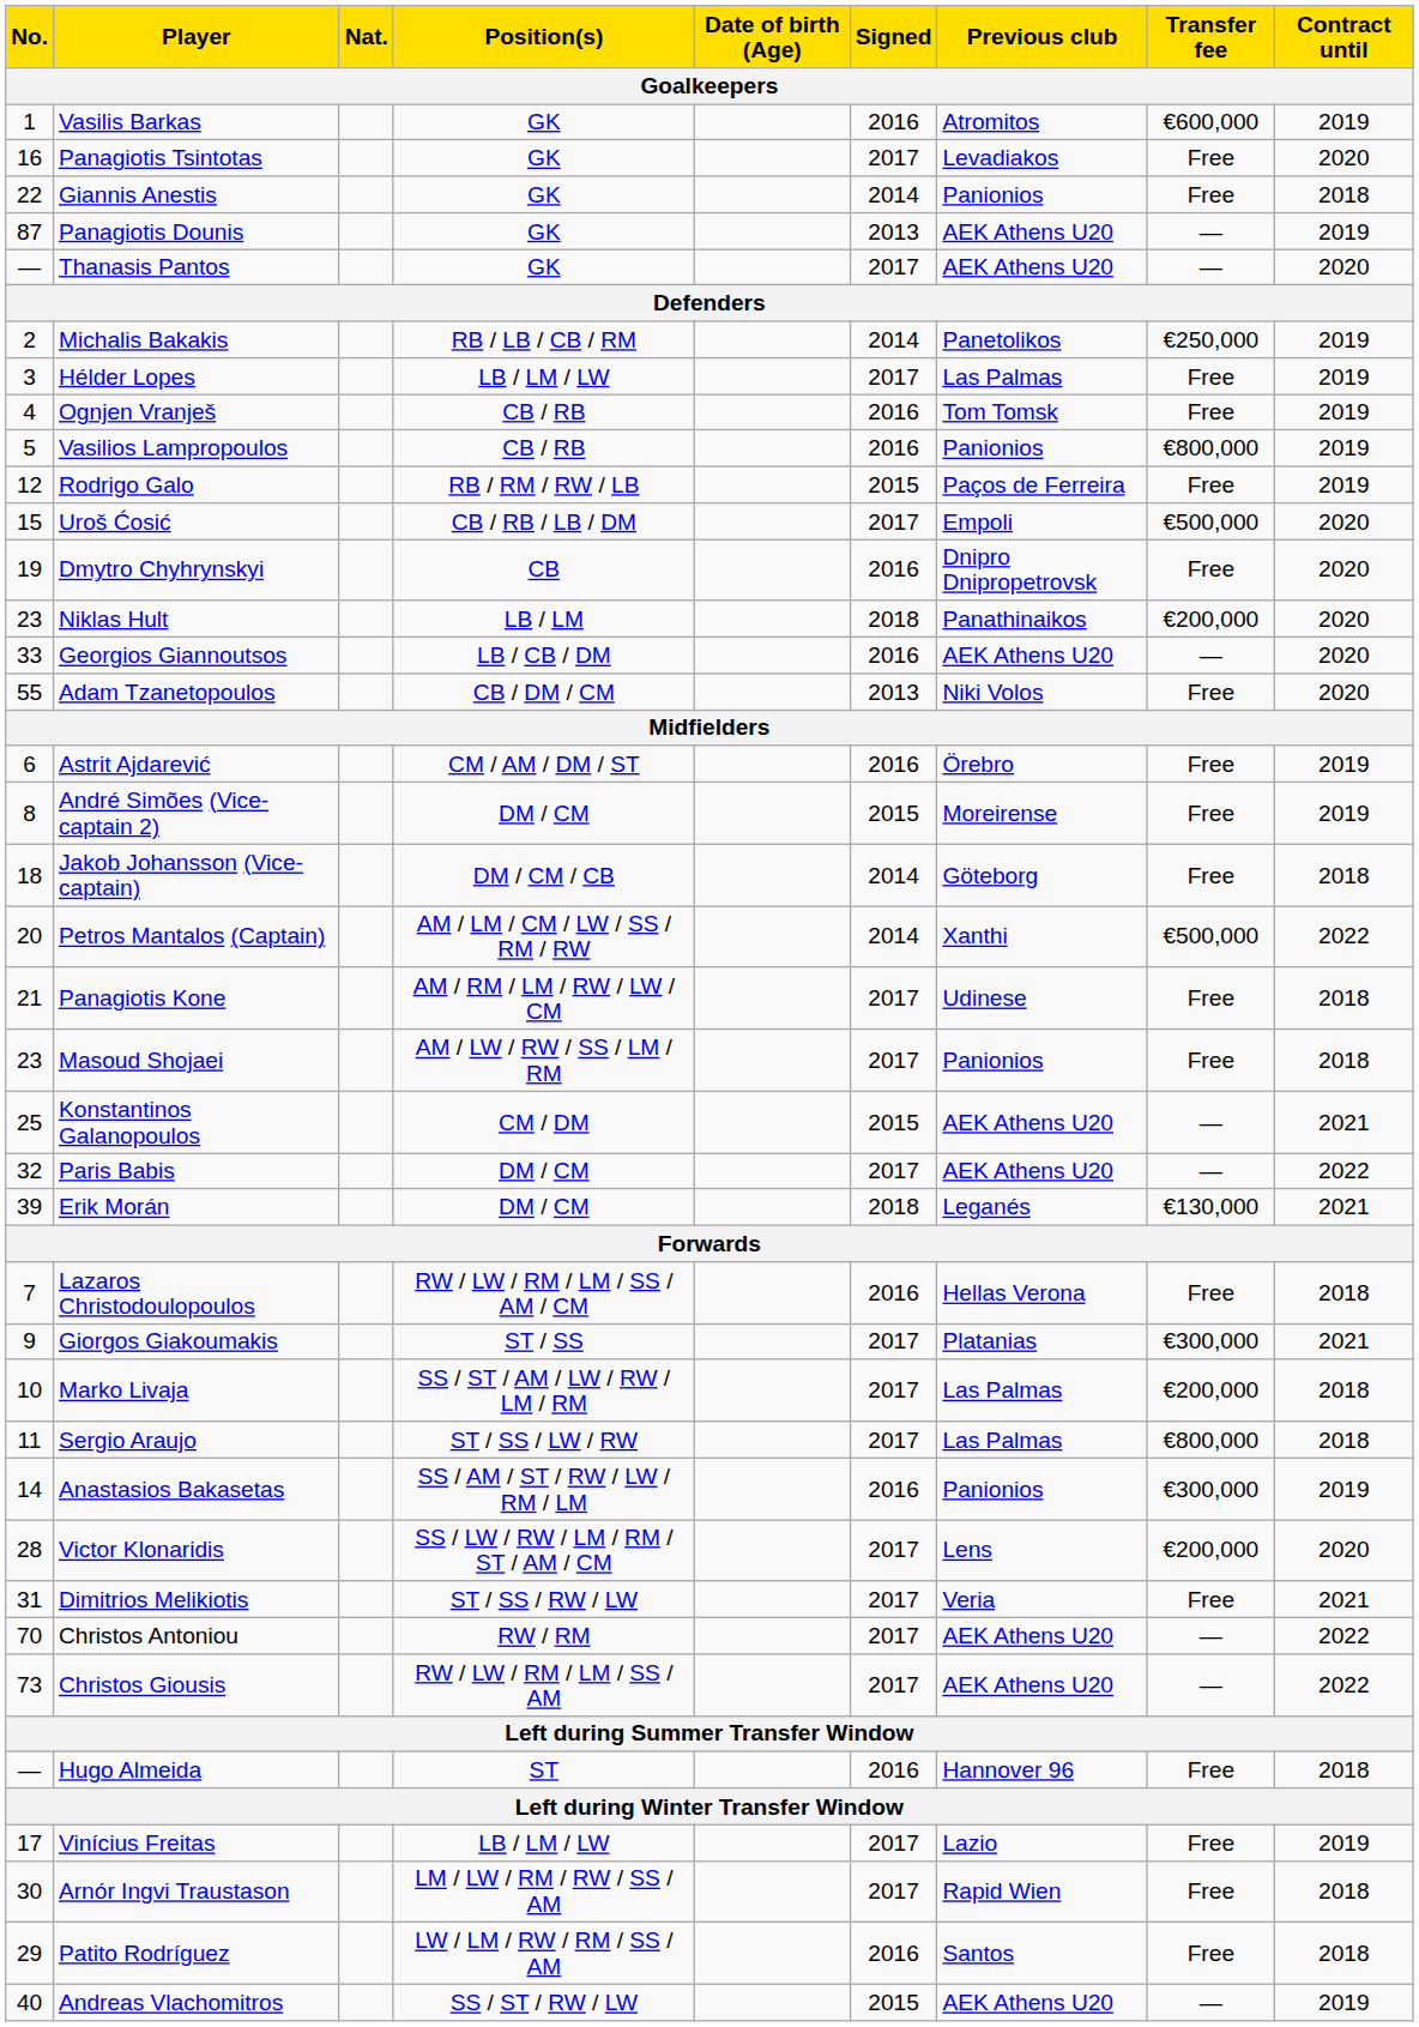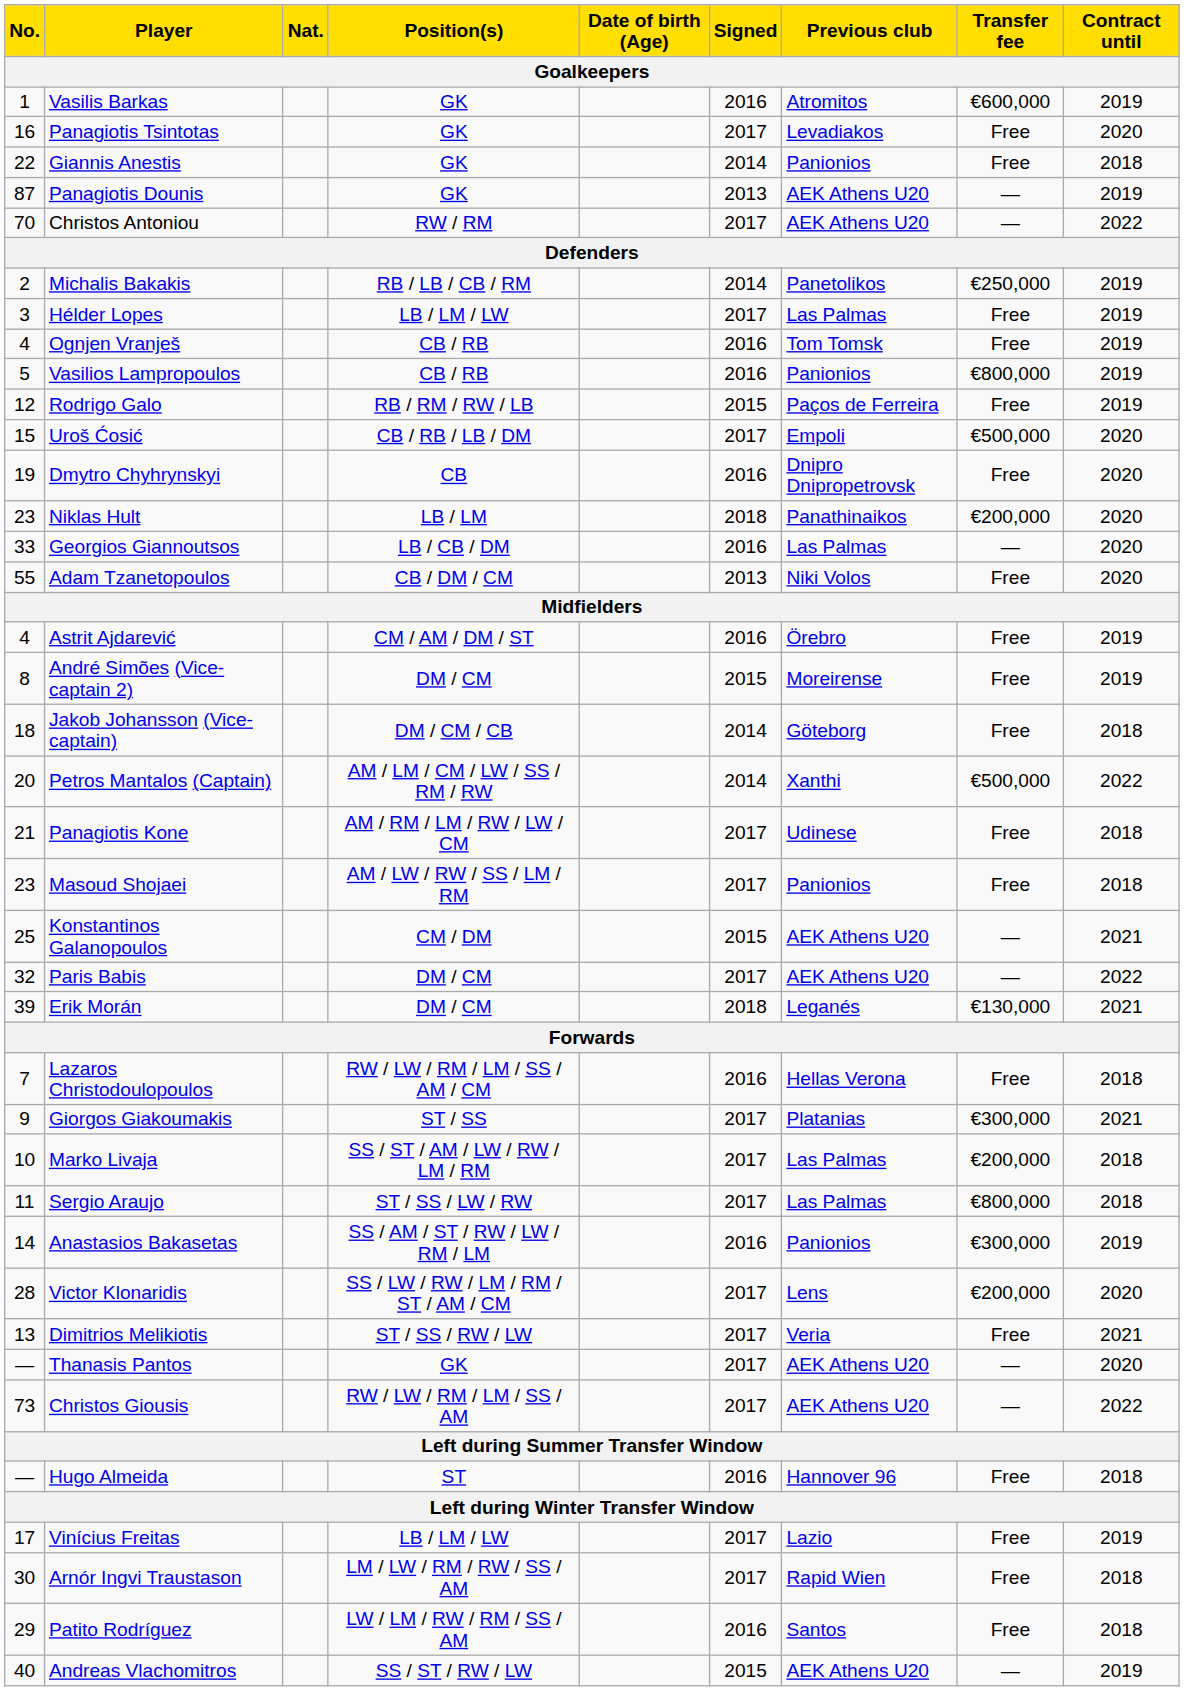 <table class="wikitable" style="text-align:center; font-size:90%; width:100%">
 <tr>
 <th style="background:#FFDE00">No.</th>
 <th style="background:#FFDE00">Player</th>
 <th style="background:#FFDE00">Nat.</th>
 <th style="background:#FFDE00">Position(s)</th>
 <th style="background:#FFDE00">Date of birth (Age)</th>
 <th style="background:#FFDE00">Signed</th>
 <th style="background:#FFDE00">Previous club</th>
 <th style="background:#FFDE00">Transfer fee</th>
 <th style="background:#FFDE00">Contract until</th>
 </tr>
 <tr>
 <th colspan="9">Goalkeepers</th>
 </tr>
 <tr>
 <td>1</td>
 <td align=left><a href='#'>Vasilis Barkas</a></td>
 <td></td>
 <td><a href='#'>GK</a></td>
 <td></td>
 <td>2016</td>
 <td align=left> <a href='#'>Atromitos</a></td>
 <td>€600,000</td>
 <td>2019</td>
 </tr>
 <tr>
 <td>16</td>
 <td align=left><a href='#'>Panagiotis Tsintotas</a></td>
 <td></td>
 <td><a href='#'>GK</a></td>
 <td></td>
 <td>2017</td>
 <td align=left> <a href='#'>Levadiakos</a></td>
 <td>Free</td>
 <td>2020</td>
 </tr>
 <tr>
 <td>22</td>
 <td align=left><a href='#'>Giannis Anestis</a></td>
 <td></td>
 <td><a href='#'>GK</a></td>
 <td></td>
 <td>2014</td>
 <td align=left> <a href='#'>Panionios</a></td>
 <td>Free</td>
 <td>2018</td>
 </tr>
 <tr>
 <td>87</td>
 <td align=left><a href='#'>Panagiotis Dounis</a></td>
 <td></td>
 <td><a href='#'>GK</a></td>
 <td></td>
 <td>2013</td>
 <td align=left> <a href='#'>AEK Athens U20</a></td>
 <td>—</td>
 <td>2019</td>
 </tr>
 <tr>
-<td>—</td>
-<td align=left><a href='#'>Thanasis Pantos</a></td>
+<td>70</td>
+<td align=left>Christos Antoniou</td>
 <td></td>
-<td><a href='#'>GK</a></td>
+<td><a href='#'>RW</a> / <a href='#'>RM</a></td>
 <td></td>
 <td>2017</td>
 <td align=left> <a href='#'>AEK Athens U20</a></td>
 <td>—</td>
-<td>2020</td>
+<td>2022</td>
 </tr>
 <tr>
 <th colspan="9">Defenders</th>
 </tr>
 <tr>
 <td>2</td>
 <td align=left><a href='#'>Michalis Bakakis</a></td>
 <td></td>
 <td><a href='#'>RB</a> / <a href='#'>LB</a> / <a href='#'>CB</a> / <a href='#'>RM</a></td>
 <td></td>
 <td>2014</td>
 <td align=left> <a href='#'>Panetolikos</a></td>
 <td>€250,000</td>
 <td>2019</td>
 </tr>
 <tr>
 <td>3</td>
 <td align=left><a href='#'>Hélder Lopes</a></td>
 <td></td>
 <td><a href='#'>LB</a> / <a href='#'>LM</a> / <a href='#'>LW</a></td>
 <td></td>
 <td>2017</td>
 <td align=left> <a href='#'>Las Palmas</a></td>
 <td>Free</td>
 <td>2019</td>
 </tr>
 <tr>
 <td>4</td>
 <td align=left><a href='#'>Ognjen Vranješ</a></td>
 <td></td>
 <td><a href='#'>CB</a> / <a href='#'>RB</a></td>
 <td></td>
 <td>2016</td>
 <td align=left> <a href='#'>Tom Tomsk</a></td>
 <td>Free</td>
 <td>2019</td>
 </tr>
 <tr>
 <td>5</td>
 <td align=left><a href='#'>Vasilios Lampropoulos</a></td>
 <td></td>
 <td><a href='#'>CB</a> / <a href='#'>RB</a></td>
 <td></td>
 <td>2016</td>
 <td align=left> <a href='#'>Panionios</a></td>
 <td>€800,000</td>
 <td>2019</td>
 </tr>
 <tr>
 <td>12</td>
 <td align=left><a href='#'>Rodrigo Galo</a></td>
 <td></td>
 <td><a href='#'>RB</a> / <a href='#'>RM</a> / <a href='#'>RW</a> / <a href='#'>LB</a></td>
 <td></td>
 <td>2015</td>
 <td align=left> <a href='#'>Paços de Ferreira</a></td>
 <td>Free</td>
 <td>2019</td>
 </tr>
 <tr>
 <td>15</td>
 <td align=left><a href='#'>Uroš Ćosić</a></td>
 <td></td>
 <td><a href='#'>CB</a> / <a href='#'>RB</a> / <a href='#'>LB</a> / <a href='#'>DM</a></td>
 <td></td>
 <td>2017</td>
 <td align=left> <a href='#'>Empoli</a></td>
 <td>€500,000</td>
 <td>2020</td>
 </tr>
 <tr>
 <td>19</td>
 <td align=left><a href='#'>Dmytro Chyhrynskyi</a></td>
 <td></td>
 <td><a href='#'>CB</a></td>
 <td></td>
 <td>2016</td>
 <td align=left> <a href='#'>Dnipro Dnipropetrovsk</a></td>
 <td>Free</td>
 <td>2020</td>
 </tr>
 <tr>
 <td>23</td>
 <td align=left><a href='#'>Niklas Hult</a></td>
 <td></td>
 <td><a href='#'>LB</a> / <a href='#'>LM</a></td>
 <td></td>
 <td>2018</td>
 <td align=left> <a href='#'>Panathinaikos</a></td>
 <td>€200,000</td>
 <td>2020</td>
 </tr>
 <tr>
 <td>33</td>
 <td align=left><a href='#'>Georgios Giannoutsos</a></td>
 <td></td>
 <td><a href='#'>LB</a> / <a href='#'>CB</a> / <a href='#'>DM</a></td>
 <td></td>
 <td>2016</td>
-<td align=left> <a href='#'>AEK Athens U20</a></td>
+<td align=left> <a href='#'>Las Palmas</a></td>
 <td>—</td>
 <td>2020</td>
 </tr>
 <tr>
 <td>55</td>
 <td align=left><a href='#'>Adam Tzanetopoulos</a></td>
 <td></td>
 <td><a href='#'>CB</a> / <a href='#'>DM</a> / <a href='#'>CM</a></td>
 <td></td>
 <td>2013</td>
 <td align=left> <a href='#'>Niki Volos</a></td>
 <td>Free</td>
 <td>2020</td>
 </tr>
 <tr>
 <th colspan="9">Midfielders</th>
 </tr>
 <tr>
-<td>6</td>
+<td>4</td>
 <td align=left><a href='#'>Astrit Ajdarević</a></td>
 <td></td>
 <td><a href='#'>CM</a> / <a href='#'>AM</a> / <a href='#'>DM</a> / <a href='#'>ST</a></td>
 <td></td>
 <td>2016</td>
 <td align=left> <a href='#'>Örebro</a></td>
 <td>Free</td>
 <td>2019</td>
 </tr>
 <tr>
 <td>8</td>
 <td align=left><a href='#'>André Simões</a> <a href='#'>(Vice-captain 2)</a></td>
 <td></td>
 <td><a href='#'>DM</a> / <a href='#'>CM</a></td>
 <td></td>
 <td>2015</td>
 <td align=left> <a href='#'>Moreirense</a></td>
 <td>Free</td>
 <td>2019</td>
 </tr>
 <tr>
 <td>18</td>
 <td align=left><a href='#'>Jakob Johansson</a> <a href='#'>(Vice-captain)</a></td>
 <td></td>
 <td><a href='#'>DM</a> / <a href='#'>CM</a> / <a href='#'>CB</a></td>
 <td></td>
 <td>2014</td>
 <td align=left> <a href='#'>Göteborg</a></td>
 <td>Free</td>
 <td>2018</td>
 </tr>
 <tr>
 <td>20</td>
 <td align=left><a href='#'>Petros Mantalos</a> <a href='#'>(Captain)</a></td>
 <td></td>
 <td><a href='#'>AM</a> / <a href='#'>LM</a> / <a href='#'>CM</a> / <a href='#'>LW</a> / <a href='#'>SS</a> / <a href='#'>RM</a> / <a href='#'>RW</a></td>
 <td></td>
 <td>2014</td>
 <td align=left> <a href='#'>Xanthi</a></td>
 <td>€500,000</td>
 <td>2022</td>
 </tr>
 <tr>
 <td>21</td>
 <td align=left><a href='#'>Panagiotis Kone</a></td>
 <td></td>
 <td><a href='#'>AM</a> / <a href='#'>RM</a> / <a href='#'>LM</a> / <a href='#'>RW</a> / <a href='#'>LW</a> / <a href='#'>CM</a></td>
 <td></td>
 <td>2017</td>
 <td align=left> <a href='#'>Udinese</a></td>
 <td>Free</td>
 <td>2018</td>
 </tr>
 <tr>
 <td>23</td>
 <td align=left><a href='#'>Masoud Shojaei</a></td>
 <td></td>
 <td><a href='#'>AM</a> / <a href='#'>LW</a> / <a href='#'>RW</a> / <a href='#'>SS</a> / <a href='#'>LM</a> / <a href='#'>RM</a></td>
 <td></td>
 <td>2017</td>
 <td align=left> <a href='#'>Panionios</a></td>
 <td>Free</td>
 <td>2018</td>
 </tr>
 <tr>
 <td>25</td>
 <td align=left><a href='#'>Konstantinos Galanopoulos</a></td>
 <td></td>
 <td><a href='#'>CM</a> / <a href='#'>DM</a></td>
 <td></td>
 <td>2015</td>
 <td align=left> <a href='#'>AEK Athens U20</a></td>
 <td>—</td>
 <td>2021</td>
 </tr>
 <tr>
 <td>32</td>
 <td align=left><a href='#'>Paris Babis</a></td>
 <td></td>
 <td><a href='#'>DM</a> / <a href='#'>CM</a></td>
 <td></td>
 <td>2017</td>
 <td align=left> <a href='#'>AEK Athens U20</a></td>
 <td>—</td>
 <td>2022</td>
 </tr>
 <tr>
 <td>39</td>
 <td align=left><a href='#'>Erik Morán</a></td>
 <td></td>
 <td><a href='#'>DM</a> / <a href='#'>CM</a></td>
 <td></td>
 <td>2018</td>
 <td align=left> <a href='#'>Leganés</a></td>
 <td>€130,000</td>
 <td>2021</td>
 </tr>
 <tr>
 <th colspan="9">Forwards</th>
 </tr>
 <tr>
 <td>7</td>
 <td align=left><a href='#'>Lazaros Christodoulopoulos</a></td>
 <td></td>
 <td><a href='#'>RW</a> / <a href='#'>LW</a> / <a href='#'>RM</a> / <a href='#'>LM</a> / <a href='#'>SS</a> / <a href='#'>AM</a> / <a href='#'>CM</a></td>
 <td></td>
 <td>2016</td>
 <td align=left> <a href='#'>Hellas Verona</a></td>
 <td>Free</td>
 <td>2018</td>
 </tr>
 <tr>
 <td>9</td>
 <td align=left><a href='#'>Giorgos Giakoumakis</a></td>
 <td></td>
 <td><a href='#'>ST</a> / <a href='#'>SS</a></td>
 <td></td>
 <td>2017</td>
 <td align=left> <a href='#'>Platanias</a></td>
 <td>€300,000</td>
 <td>2021</td>
 </tr>
 <tr>
 <td>10</td>
 <td align=left><a href='#'>Marko Livaja</a></td>
 <td></td>
 <td><a href='#'>SS</a> / <a href='#'>ST</a> / <a href='#'>AM</a> / <a href='#'>LW</a> / <a href='#'>RW</a> / <a href='#'>LM</a> / <a href='#'>RM</a></td>
 <td></td>
 <td>2017</td>
 <td align=left> <a href='#'>Las Palmas</a></td>
 <td>€200,000</td>
 <td>2018</td>
 </tr>
 <tr>
 <td>11</td>
 <td align=left><a href='#'>Sergio Araujo</a></td>
 <td></td>
 <td><a href='#'>ST</a> / <a href='#'>SS</a> / <a href='#'>LW</a> / <a href='#'>RW</a></td>
 <td></td>
 <td>2017</td>
 <td align=left> <a href='#'>Las Palmas</a></td>
 <td>€800,000</td>
 <td>2018</td>
 </tr>
 <tr>
 <td>14</td>
 <td align=left><a href='#'>Anastasios Bakasetas</a></td>
 <td></td>
 <td><a href='#'>SS</a> / <a href='#'>AM</a> / <a href='#'>ST</a> / <a href='#'>RW</a> / <a href='#'>LW</a> / <a href='#'>RM</a> / <a href='#'>LM</a></td>
 <td></td>
 <td>2016</td>
 <td align=left> <a href='#'>Panionios</a></td>
 <td>€300,000</td>
 <td>2019</td>
 </tr>
 <tr>
 <td>28</td>
 <td align=left><a href='#'>Victor Klonaridis</a></td>
 <td></td>
 <td><a href='#'>SS</a> / <a href='#'>LW</a> / <a href='#'>RW</a> / <a href='#'>LM</a> / <a href='#'>RM</a> / <a href='#'>ST</a> / <a href='#'>AM</a> / <a href='#'>CM</a></td>
 <td></td>
 <td>2017</td>
 <td align=left> <a href='#'>Lens</a></td>
 <td>€200,000</td>
 <td>2020</td>
 </tr>
 <tr>
-<td>31</td>
+<td>13</td>
 <td align=left><a href='#'>Dimitrios Melikiotis</a></td>
 <td></td>
 <td><a href='#'>ST</a> / <a href='#'>SS</a> / <a href='#'>RW</a> / <a href='#'>LW</a></td>
 <td></td>
 <td>2017</td>
 <td align=left> <a href='#'>Veria</a></td>
 <td>Free</td>
 <td>2021</td>
 </tr>
 <tr>
-<td>70</td>
-<td align=left>Christos Antoniou</td>
+<td>—</td>
+<td align=left><a href='#'>Thanasis Pantos</a></td>
 <td></td>
-<td><a href='#'>RW</a> / <a href='#'>RM</a></td>
+<td><a href='#'>GK</a></td>
 <td></td>
 <td>2017</td>
 <td align=left> <a href='#'>AEK Athens U20</a></td>
 <td>—</td>
-<td>2022</td>
+<td>2020</td>
 </tr>
 <tr>
 <td>73</td>
 <td align=left><a href='#'>Christos Giousis</a></td>
 <td></td>
 <td><a href='#'>RW</a> / <a href='#'>LW</a> / <a href='#'>RM</a> / <a href='#'>LM</a> / <a href='#'>SS</a> / <a href='#'>AM</a></td>
 <td></td>
 <td>2017</td>
 <td align=left> <a href='#'>AEK Athens U20</a></td>
 <td>—</td>
 <td>2022</td>
 </tr>
 <tr>
 <th colspan="9">Left during Summer Transfer Window</th>
 </tr>
 <tr>
 <td>—</td>
 <td align=left><a href='#'>Hugo Almeida</a></td>
 <td></td>
 <td><a href='#'>ST</a></td>
 <td></td>
 <td>2016</td>
 <td align=left> <a href='#'>Hannover 96</a></td>
 <td>Free</td>
 <td>2018</td>
 </tr>
 <tr>
 <th colspan="9">Left during Winter Transfer Window</th>
 </tr>
 <tr>
 <td>17</td>
 <td align=left><a href='#'>Vinícius Freitas</a></td>
 <td></td>
 <td><a href='#'>LB</a> / <a href='#'>LM</a> / <a href='#'>LW</a></td>
 <td></td>
 <td>2017</td>
 <td align=left> <a href='#'>Lazio</a></td>
 <td>Free</td>
 <td>2019</td>
 </tr>
 <tr>
 <td>30</td>
 <td align=left><a href='#'>Arnór Ingvi Traustason</a></td>
 <td></td>
 <td><a href='#'>LM</a> / <a href='#'>LW</a> / <a href='#'>RM</a> / <a href='#'>RW</a> / <a href='#'>SS</a> / <a href='#'>AM</a></td>
 <td></td>
 <td>2017</td>
 <td align=left> <a href='#'>Rapid Wien</a></td>
 <td>Free</td>
 <td>2018</td>
 </tr>
 <tr>
 <td>29</td>
 <td align=left><a href='#'>Patito Rodríguez</a></td>
 <td></td>
 <td><a href='#'>LW</a> / <a href='#'>LM</a> / <a href='#'>RW</a> / <a href='#'>RM</a> / <a href='#'>SS</a> / <a href='#'>AM</a></td>
 <td></td>
 <td>2016</td>
 <td align=left> <a href='#'>Santos</a></td>
 <td>Free</td>
 <td>2018</td>
 </tr>
 <tr>
 <td>40</td>
 <td align=left><a href='#'>Andreas Vlachomitros</a></td>
 <td></td>
 <td><a href='#'>SS</a> / <a href='#'>ST</a> / <a href='#'>RW</a> / <a href='#'>LW</a></td>
 <td></td>
 <td>2015</td>
 <td align=left> <a href='#'>AEK Athens U20</a></td>
 <td>—</td>
 <td>2019</td>
 </tr>
 </table>
